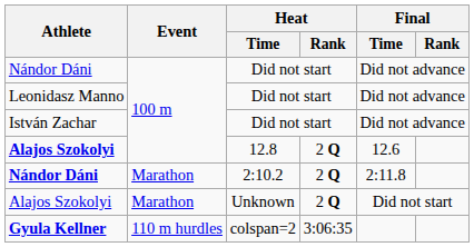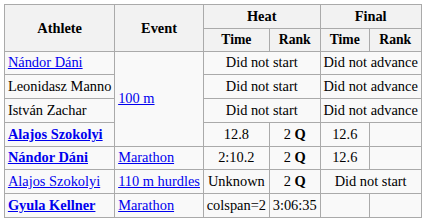 <table class=wikitable style=font-size:90%;text-align:center>
 <tr>
 <th rowspan=2>Athlete</th>
 <th rowspan=2>Event</th>
 <th colspan=2>Heat</th>
 <th colspan=2>Final</th>
 </tr>
 <tr style=font-size:95%>
 <th>Time</th>
 <th>Rank</th>
 <th>Time</th>
 <th>Rank</th>
 </tr>
 <tr>
 <td align=left><a href='#'>Nándor Dáni</a></td>
 <td align=left rowspan=4><a href='#'>100 m</a></td>
 <td colspan=2>Did not start</td>
 <td colspan=2>Did not advance</td>
 </tr>
 <tr>
 <td align=left>Leonidasz Manno</td>
 <td colspan=2>Did not start</td>
 <td colspan=2>Did not advance</td>
 </tr>
 <tr>
 <td align=left>István Zachar</td>
 <td colspan=2>Did not start</td>
 <td colspan=2>Did not advance</td>
 </tr>
 <tr>
 <td align=left><strong><a href='#'>Alajos Szokolyi</a></strong></td>
 <td>12.8</td>
 <td>2 <strong>Q</strong></td>
 <td>12.6</td>
 <td></td>
 </tr>
 <tr>
 <td align=left><strong><a href='#'>Nándor Dáni</a></strong></td>
 <td align=left><a href='#'>Marathon</a></td>
 <td>2:10.2</td>
 <td>2 <strong>Q</strong></td>
-<td>2:11.8</td>
+<td>12.6</td>
 <td></td>
 </tr>
 <tr>
 <td align=left><a href='#'>Alajos Szokolyi</a></td>
-<td align=left><a href='#'>Marathon</a></td>
+<td align=left><a href='#'>110 m hurdles</a></td>
 <td>Unknown</td>
 <td>2 <strong>Q</strong></td>
 <td colspan=2>Did not start</td>
 </tr>
 <tr>
 <td align=left><strong><a href='#'>Gyula Kellner</a></strong></td>
-<td align=left><a href='#'>110 m hurdles</a></td>
+<td align=left><a href='#'>Marathon</a></td>
 <td>colspan=2 </td>
 <td>3:06:35</td>
 <td></td>
 </tr>
 </table>
